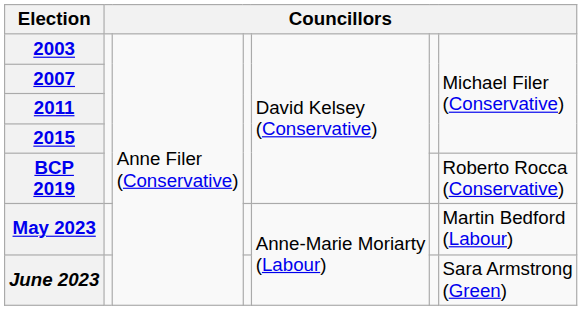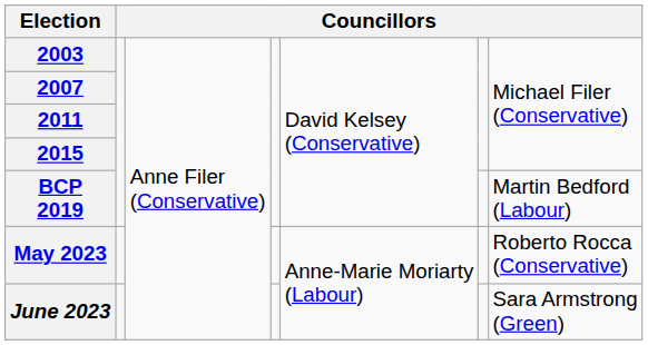 <table class="wikitable">
 <tr>
 <th>Election</th>
 <th colspan="6">Councillors</th>
 </tr>
 <tr>
 <th><a href='#'>2003</a></th>
 <td rowspan="5" style="background-color: "></td>
 <td rowspan="7">Anne Filer<br>(<a href='#'>Conservative</a>)</td>
 <td rowspan="5" style="background-color: "></td>
 <td rowspan="5">David Kelsey<br>(<a href='#'>Conservative</a>)</td>
 <td rowspan="4" style="background-color: "></td>
 <td rowspan="4">Michael Filer<br>(<a href='#'>Conservative</a>)</td>
 </tr>
 <tr>
 <th><a href='#'>2007</a></th>
 </tr>
 <tr>
 <th><a href='#'>2011</a></th>
 </tr>
 <tr>
 <th><a href='#'>2015</a></th>
 </tr>
 <tr>
 <th><a href='#'>BCP</a><br><a href='#'>2019</a></th>
 <td style="background-color: "></td>
-<td>Roberto Rocca<br>(<a href='#'>Conservative</a>)</td>
+<td rowspan="1">Martin Bedford<br>(<a href='#'>Labour</a>)</td>
 </tr>
 <tr>
 <th><a href='#'>May 2023</a></th>
 <td style="background-color: "></td>
 <td rowspan="1;" style="background-color: "></td>
 <td rowspan="2">Anne-Marie Moriarty<br>(<a href='#'>Labour</a>)</td>
 <td rowspan="1;" style="background-color: "></td>
-<td rowspan="1">Martin Bedford<br>(<a href='#'>Labour</a>)</td>
+<td>Roberto Rocca<br>(<a href='#'>Conservative</a>)</td>
 </tr>
 <tr>
 <th><em>June 2023</em></th>
 <td style="background-color: "></td>
 <td rowspan="1;" style="background-color: "></td>
 <td rowspan="1" style="background-color: "></td>
 <td rowspan="1">Sara Armstrong<br>(<a href='#'>Green</a>)</td>
 </tr>
 </table>
